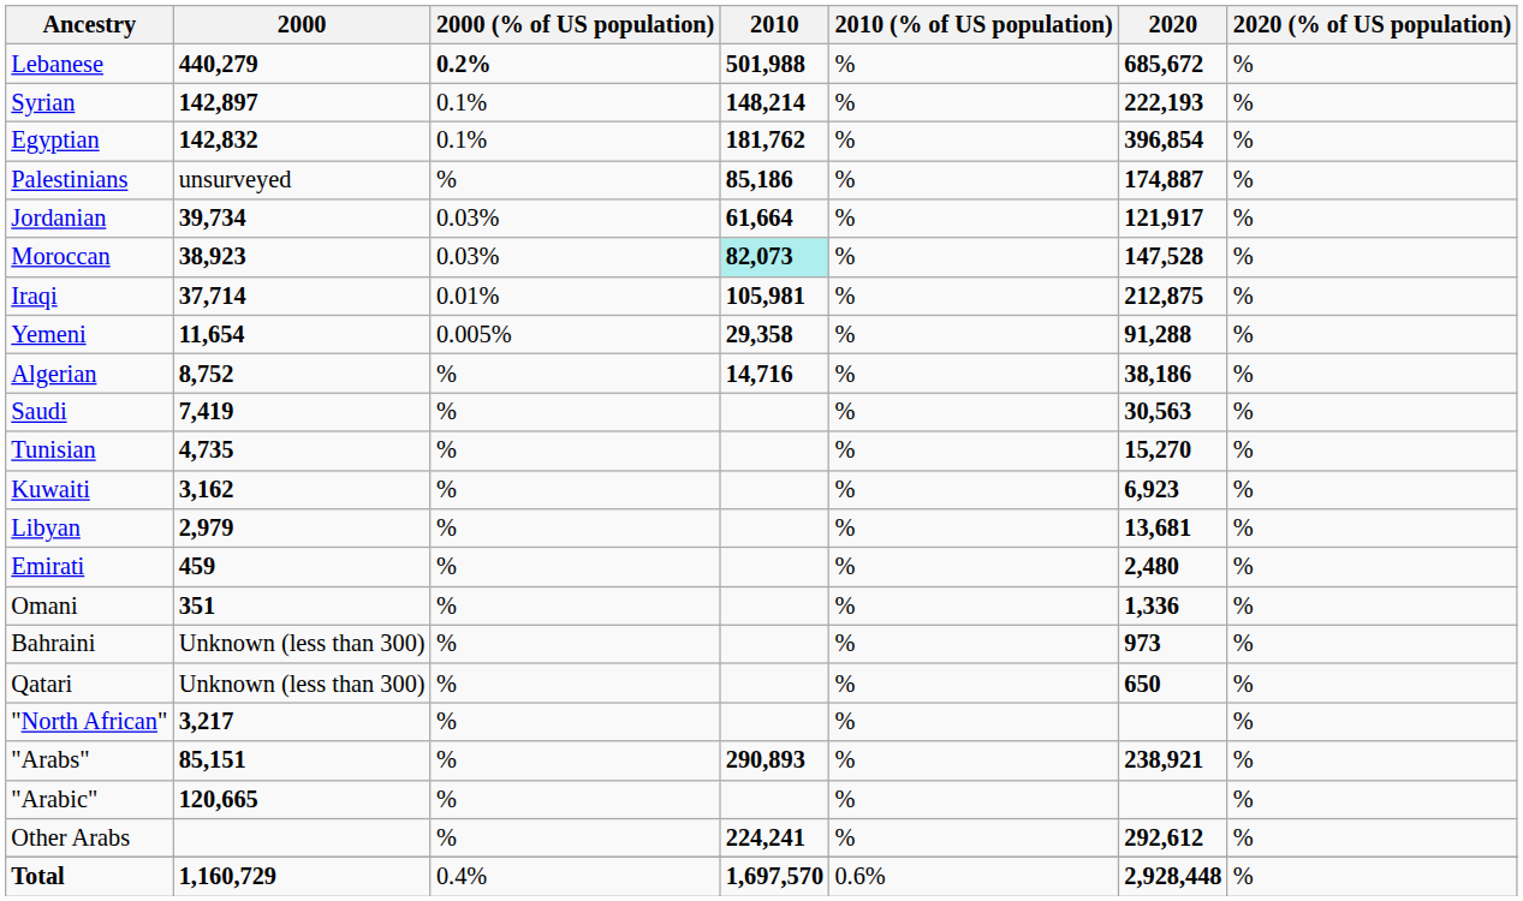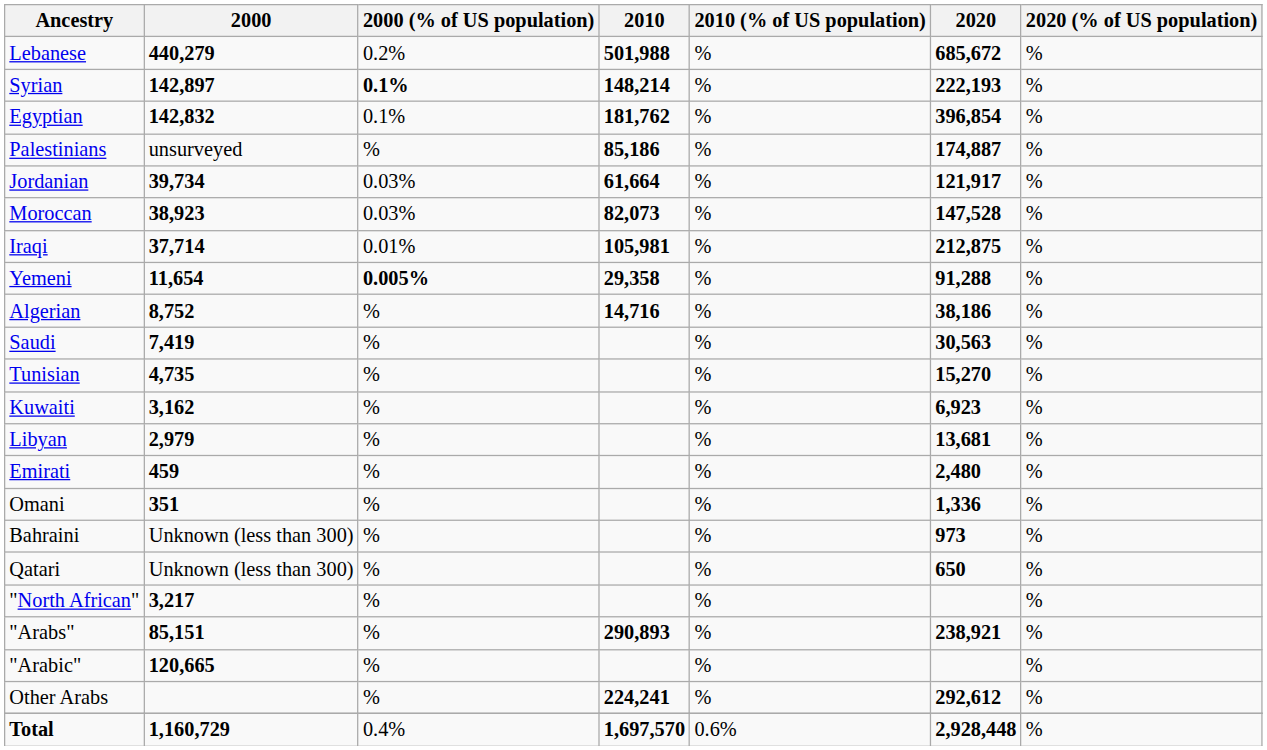 <table class="wikitable sortable">
 <tr>
 <th>Ancestry</th>
 <th>2000</th>
 <th>2000 (% of US population)</th>
 <th>2010</th>
 <th>2010 (% of US population)</th>
 <th>2020</th>
 <th>2020 (% of US population)</th>
 </tr>
 <tr>
 <td><a href='#'>Lebanese</a></td>
 <td><strong>440,279</strong></td>
-<td><strong>0.2%</strong></td>
+<td>0.2%</td>
 <td><strong>501,988</strong></td>
 <td>%</td>
 <td><strong>685,672</strong></td>
 <td>%</td>
 </tr>
 <tr>
 <td><a href='#'>Syrian</a></td>
 <td><strong>142,897</strong></td>
-<td>0.1%</td>
+<td><strong>0.1%</strong></td>
 <td><strong>148,214</strong></td>
 <td>%</td>
 <td><strong>222,193</strong></td>
 <td>%</td>
 </tr>
 <tr>
 <td><a href='#'>Egyptian</a></td>
 <td><strong>142,832</strong></td>
 <td>0.1%</td>
 <td><strong>181,762</strong></td>
 <td>%</td>
 <td><strong>396,854</strong></td>
 <td>%</td>
 </tr>
 <tr>
 <td><a href='#'>Palestinians</a></td>
 <td>unsurveyed</td>
 <td>%</td>
 <td><strong>85,186</strong></td>
 <td>%</td>
 <td><strong>174,887</strong></td>
 <td>%</td>
 </tr>
 <tr>
 <td><a href='#'>Jordanian</a></td>
 <td><strong>39,734</strong></td>
 <td>0.03%</td>
 <td><strong>61,664</strong></td>
 <td>%</td>
 <td><strong>121,917</strong></td>
 <td>%</td>
 </tr>
 <tr>
 <td><a href='#'>Moroccan</a></td>
 <td><strong>38,923</strong></td>
 <td>0.03%</td>
-<td style="background: paleturquoise;"><strong>82,073</strong></td>
+<td><strong>82,073</strong></td>
 <td>%</td>
 <td><strong>147,528</strong></td>
 <td>%</td>
 </tr>
 <tr>
 <td><a href='#'>Iraqi</a></td>
 <td><strong>37,714</strong></td>
 <td>0.01%</td>
 <td><strong>105,981</strong></td>
 <td>%</td>
 <td><strong>212,875</strong></td>
 <td>%</td>
 </tr>
 <tr>
 <td><a href='#'>Yemeni</a></td>
 <td><strong>11,654</strong></td>
-<td>0.005%</td>
+<td><strong>0.005%</strong></td>
 <td><strong>29,358</strong></td>
 <td>%</td>
 <td><strong>91,288</strong></td>
 <td>%</td>
 </tr>
 <tr>
 <td><a href='#'>Algerian</a></td>
 <td><strong>8,752</strong></td>
 <td>%</td>
 <td><strong>14,716</strong></td>
 <td>%</td>
 <td><strong>38,186</strong></td>
 <td>%</td>
 </tr>
 <tr>
 <td><a href='#'>Saudi</a></td>
 <td><strong>7,419</strong></td>
 <td>%</td>
 <td></td>
 <td>%</td>
 <td><strong>30,563</strong></td>
 <td>%</td>
 </tr>
 <tr>
 <td><a href='#'>Tunisian</a></td>
 <td><strong>4,735</strong></td>
 <td>%</td>
 <td></td>
 <td>%</td>
 <td><strong>15,270</strong></td>
 <td>%</td>
 </tr>
 <tr>
 <td><a href='#'>Kuwaiti</a></td>
 <td><strong>3,162 </strong></td>
 <td>%</td>
 <td></td>
 <td>%</td>
 <td><strong>6,923</strong></td>
 <td>%</td>
 </tr>
 <tr>
 <td><a href='#'>Libyan</a></td>
 <td><strong>2,979</strong></td>
 <td>%</td>
 <td></td>
 <td>%</td>
 <td><strong>13,681</strong></td>
 <td>%</td>
 </tr>
 <tr>
 <td><a href='#'>Emirati</a></td>
 <td><strong>459</strong></td>
 <td>%</td>
 <td></td>
 <td>%</td>
 <td><strong>2,480</strong></td>
 <td>%</td>
 </tr>
 <tr>
 <td>Omani</td>
 <td><strong>351</strong></td>
 <td>%</td>
 <td></td>
 <td>%</td>
 <td><strong>1,336</strong></td>
 <td>%</td>
 </tr>
 <tr>
 <td>Bahraini</td>
 <td>Unknown (less than 300)</td>
 <td>%</td>
 <td></td>
 <td>%</td>
 <td><strong>973</strong></td>
 <td>%</td>
 </tr>
 <tr>
 <td>Qatari</td>
 <td>Unknown (less than 300)</td>
 <td>%</td>
 <td></td>
 <td>%</td>
 <td><strong>650</strong></td>
 <td>%</td>
 </tr>
 <tr>
 <td>"<a href='#'>North African</a>"</td>
 <td><strong>3,217</strong></td>
 <td>%</td>
 <td></td>
 <td>%</td>
 <td></td>
 <td>%</td>
 </tr>
 <tr>
 <td>"Arabs"</td>
 <td><strong>85,151</strong></td>
 <td>%</td>
 <td><strong>290,893</strong></td>
 <td>%</td>
 <td><strong>238,921</strong></td>
 <td>%</td>
 </tr>
 <tr>
 <td>"Arabic"</td>
 <td><strong>120,665</strong></td>
 <td>%</td>
 <td></td>
 <td>%</td>
 <td></td>
 <td>%</td>
 </tr>
 <tr>
 <td>Other Arabs</td>
 <td></td>
 <td>%</td>
 <td><strong>224,241</strong></td>
 <td>%</td>
 <td><strong>292,612</strong></td>
 <td>%</td>
 </tr>
 <tr>
 </tr>
 <tr class="sortbottom">
 <td><strong>Total</strong></td>
 <td><strong>1,160,729</strong></td>
 <td>0.4%</td>
 <td><strong>1,697,570</strong></td>
 <td>0.6%</td>
 <td><strong>2,928,448</strong></td>
 <td>%</td>
 </tr>
 </table>
